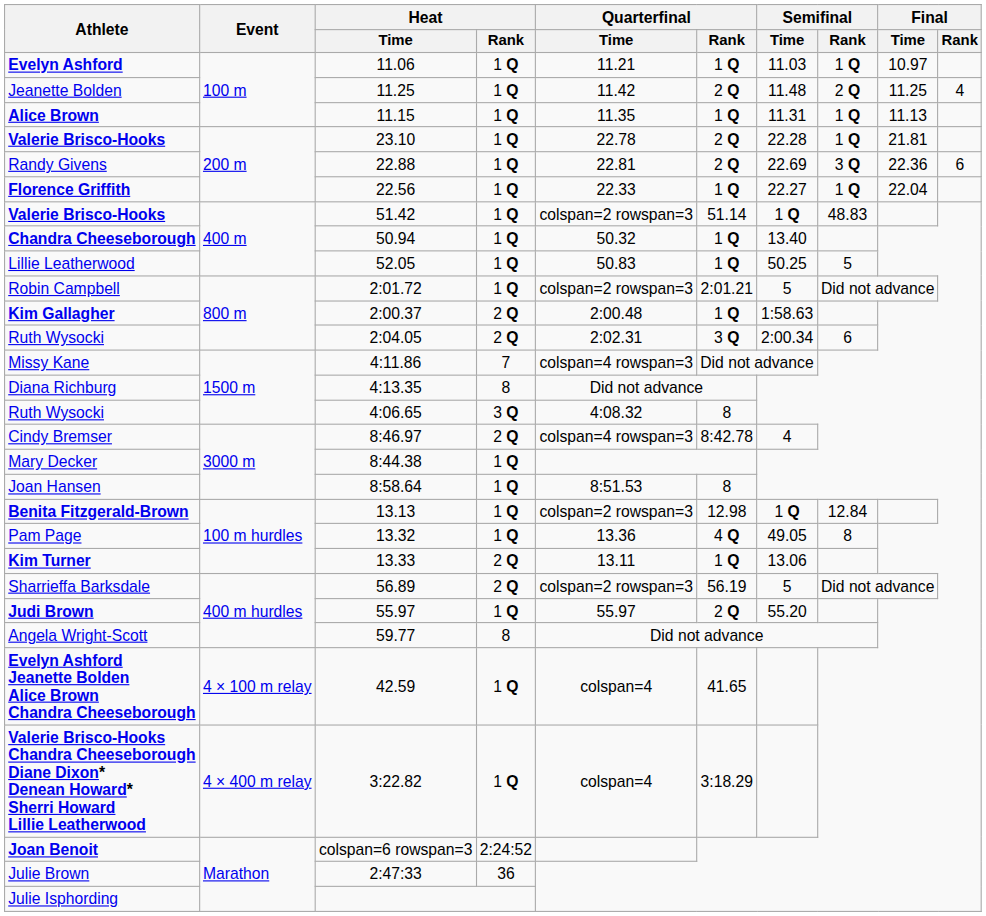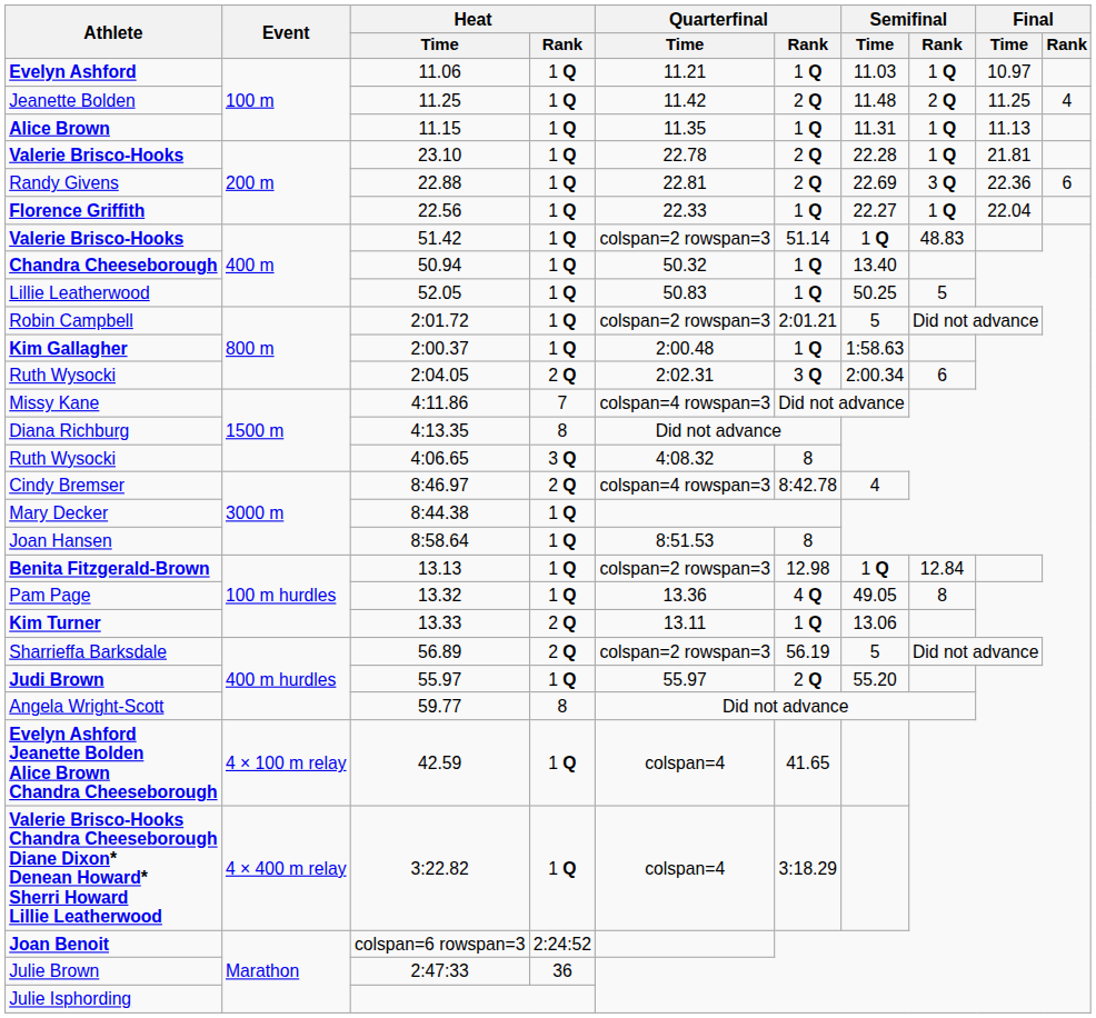 <table class=wikitable style=font-size:90%;text-align:center>
 <tr>
 <th rowspan=2>Athlete</th>
 <th rowspan=2>Event</th>
 <th colspan=2>Heat</th>
 <th colspan=2>Quarterfinal</th>
 <th colspan=2>Semifinal</th>
 <th colspan=2>Final</th>
 </tr>
 <tr style=font-size:95%>
 <th>Time</th>
 <th>Rank</th>
 <th>Time</th>
 <th>Rank</th>
 <th>Time</th>
 <th>Rank</th>
 <th>Time</th>
 <th>Rank</th>
 </tr>
 <tr>
 <td align=left><strong><a href='#'>Evelyn Ashford</a></strong></td>
 <td align=left rowspan=3><a href='#'>100 m</a></td>
 <td>11.06</td>
 <td>1 <strong>Q</strong></td>
 <td>11.21</td>
 <td>1 <strong>Q</strong></td>
 <td>11.03</td>
 <td>1 <strong>Q</strong></td>
 <td>10.97 </td>
 <td></td>
 </tr>
 <tr>
 <td align=left><a href='#'>Jeanette Bolden</a></td>
 <td>11.25</td>
 <td>1 <strong>Q</strong></td>
 <td>11.42</td>
 <td>2 <strong>Q</strong></td>
 <td>11.48</td>
 <td>2 <strong>Q</strong></td>
 <td>11.25</td>
 <td>4</td>
 </tr>
 <tr>
 <td align=left><strong><a href='#'>Alice Brown</a></strong></td>
 <td>11.15</td>
 <td>1 <strong>Q</strong></td>
 <td>11.35</td>
 <td>1 <strong>Q</strong></td>
 <td>11.31</td>
 <td>1 <strong>Q</strong></td>
 <td>11.13</td>
 <td></td>
 </tr>
 <tr>
 <td align=left><strong><a href='#'>Valerie Brisco-Hooks</a></strong></td>
 <td align=left rowspan=3><a href='#'>200 m</a></td>
 <td>23.10</td>
 <td>1 <strong>Q</strong></td>
 <td>22.78</td>
 <td>2 <strong>Q</strong></td>
 <td>22.28</td>
 <td>1 <strong>Q</strong></td>
 <td>21.81 </td>
 <td></td>
 </tr>
 <tr>
 <td align=left><a href='#'>Randy Givens</a></td>
 <td>22.88</td>
 <td>1 <strong>Q</strong></td>
 <td>22.81</td>
 <td>2 <strong>Q</strong></td>
 <td>22.69</td>
 <td>3 <strong>Q</strong></td>
 <td>22.36</td>
 <td>6</td>
 </tr>
 <tr>
 <td align=left><strong><a href='#'>Florence Griffith</a></strong></td>
 <td>22.56</td>
 <td>1 <strong>Q</strong></td>
 <td>22.33</td>
 <td>1 <strong>Q</strong></td>
 <td>22.27</td>
 <td>1 <strong>Q</strong></td>
 <td>22.04</td>
 <td></td>
 </tr>
 <tr>
 <td align=left><strong><a href='#'>Valerie Brisco-Hooks</a></strong></td>
 <td align=left rowspan=3><a href='#'>400 m</a></td>
 <td>51.42</td>
 <td>1 <strong>Q</strong></td>
 <td>colspan=2 rowspan=3 </td>
 <td>51.14</td>
 <td>1 <strong>Q</strong></td>
 <td>48.83 </td>
 <td></td>
 </tr>
 <tr>
 <td align=left><strong><a href='#'>Chandra Cheeseborough</a></strong></td>
 <td>50.94</td>
 <td>1 <strong>Q</strong></td>
 <td>50.32</td>
 <td>1 <strong>Q</strong></td>
 <td>13.40</td>
 <td></td>
 </tr>
 <tr>
 <td align=left><a href='#'>Lillie Leatherwood</a></td>
 <td>52.05</td>
 <td>1 <strong>Q</strong></td>
 <td>50.83</td>
 <td>1 <strong>Q</strong></td>
 <td>50.25</td>
 <td>5</td>
 </tr>
 <tr>
 <td align=left><a href='#'>Robin Campbell</a></td>
 <td align=left rowspan=3><a href='#'>800 m</a></td>
 <td>2:01.72</td>
 <td>1 <strong>Q</strong></td>
 <td>colspan=2 rowspan=3 </td>
 <td>2:01.21</td>
 <td>5</td>
 <td colspan=2>Did not advance</td>
 </tr>
 <tr>
 <td align=left><strong><a href='#'>Kim Gallagher</a></strong></td>
 <td>2:00.37</td>
-<td>2 <strong>Q</strong></td>
+<td>1 <strong>Q</strong></td>
 <td>2:00.48</td>
 <td>1 <strong>Q</strong></td>
 <td>1:58.63</td>
 <td></td>
 </tr>
 <tr>
 <td align=left><a href='#'>Ruth Wysocki</a></td>
 <td>2:04.05</td>
 <td>2 <strong>Q</strong></td>
 <td>2:02.31</td>
 <td>3 <strong>Q</strong></td>
 <td>2:00.34</td>
 <td>6</td>
 </tr>
 <tr>
 <td align=left><a href='#'>Missy Kane</a></td>
 <td align=left rowspan=3><a href='#'>1500 m</a></td>
 <td>4:11.86</td>
 <td>7</td>
 <td>colspan=4 rowspan=3 </td>
 <td colspan=2>Did not advance</td>
 </tr>
 <tr>
 <td align=left><a href='#'>Diana Richburg</a></td>
 <td>4:13.35</td>
 <td>8</td>
 <td colspan=2>Did not advance</td>
 </tr>
 <tr>
 <td align=left><a href='#'>Ruth Wysocki</a></td>
 <td>4:06.65</td>
 <td>3 <strong>Q</strong></td>
 <td>4:08.32</td>
 <td>8</td>
 </tr>
 <tr>
 <td align=left><a href='#'>Cindy Bremser</a></td>
 <td align=left rowspan=3><a href='#'>3000 m</a></td>
 <td>8:46.97</td>
 <td>2 <strong>Q</strong></td>
 <td>colspan=4 rowspan=3 </td>
 <td>8:42.78</td>
 <td>4</td>
 </tr>
 <tr>
 <td align=left><a href='#'>Mary Decker</a></td>
 <td>8:44.38 </td>
 <td>1 <strong>Q</strong></td>
 <td colspan=2></td>
 </tr>
 <tr>
 <td align=left><a href='#'>Joan Hansen</a></td>
 <td>8:58.64</td>
 <td>1 <strong>Q</strong></td>
 <td>8:51.53</td>
 <td>8</td>
 </tr>
 <tr>
 <td align=left><strong><a href='#'>Benita Fitzgerald-Brown</a></strong></td>
 <td align=left rowspan=3><a href='#'>100 m hurdles</a></td>
 <td>13.13</td>
 <td>1 <strong>Q</strong></td>
 <td>colspan=2 rowspan=3 </td>
 <td>12.98</td>
 <td>1 <strong>Q</strong></td>
 <td>12.84</td>
 <td></td>
 </tr>
 <tr>
 <td align=left><a href='#'>Pam Page</a></td>
 <td>13.32</td>
 <td>1 <strong>Q</strong></td>
 <td>13.36</td>
 <td>4 <strong>Q</strong></td>
 <td>49.05</td>
 <td>8</td>
 </tr>
 <tr>
 <td align=left><strong><a href='#'>Kim Turner</a></strong></td>
 <td>13.33</td>
 <td>2 <strong>Q</strong></td>
 <td>13.11</td>
 <td>1 <strong>Q</strong></td>
 <td>13.06</td>
 <td></td>
 </tr>
 <tr>
 <td align=left><a href='#'>Sharrieffa Barksdale</a></td>
 <td align=left rowspan=3><a href='#'>400 m hurdles</a></td>
 <td>56.89</td>
 <td>2 <strong>Q</strong></td>
 <td>colspan=2 rowspan=3 </td>
 <td>56.19</td>
 <td>5</td>
 <td colspan=2>Did not advance</td>
 </tr>
 <tr>
 <td align=left><strong><a href='#'>Judi Brown</a></strong></td>
 <td>55.97</td>
 <td>1 <strong>Q</strong></td>
 <td>55.97</td>
 <td>2 <strong>Q</strong></td>
 <td>55.20</td>
 <td></td>
 </tr>
 <tr>
 <td align=left><a href='#'>Angela Wright-Scott</a></td>
 <td>59.77</td>
 <td>8</td>
 <td colspan=4>Did not advance</td>
 </tr>
 <tr>
 <td align=left><strong><a href='#'>Evelyn Ashford</a><br><a href='#'>Jeanette Bolden</a><br><a href='#'>Alice Brown</a><br><a href='#'>Chandra Cheeseborough</a></strong></td>
 <td align=left><a href='#'>4 × 100 m relay</a></td>
 <td>42.59</td>
 <td>1 <strong>Q</strong></td>
 <td>colspan=4 </td>
 <td>41.65</td>
 <td></td>
 </tr>
 <tr>
 <td align=left><strong><a href='#'>Valerie Brisco-Hooks</a><br><a href='#'>Chandra Cheeseborough</a><br><a href='#'>Diane Dixon</a>*<br><a href='#'>Denean Howard</a>*<br><a href='#'>Sherri Howard</a><br><a href='#'>Lillie Leatherwood</a></strong></td>
 <td align=left><a href='#'>4 × 400 m relay</a></td>
 <td>3:22.82</td>
 <td>1 <strong>Q</strong></td>
 <td>colspan=4 </td>
 <td>3:18.29 </td>
 <td></td>
 </tr>
 <tr>
 <td align=left><strong><a href='#'>Joan Benoit</a></strong></td>
 <td align=left rowspan=3><a href='#'>Marathon</a></td>
 <td>colspan=6 rowspan=3 </td>
 <td>2:24:52 </td>
 <td></td>
 </tr>
 <tr>
 <td align=left><a href='#'>Julie Brown</a></td>
 <td>2:47:33</td>
 <td>36</td>
 </tr>
 <tr>
 <td align=left><a href='#'>Julie Isphording</a></td>
 <td colspan=2></td>
 </tr>
 </table>
